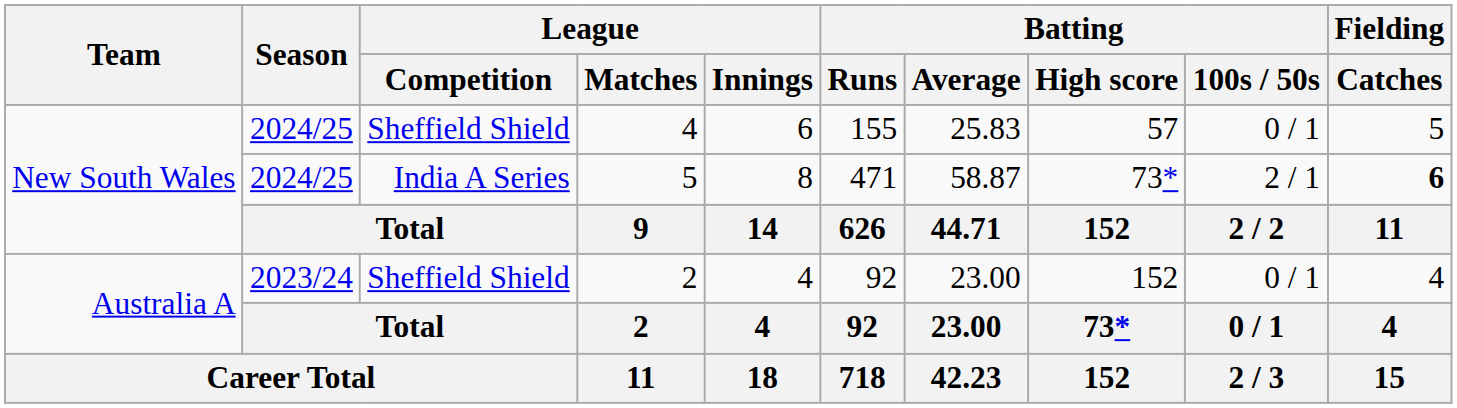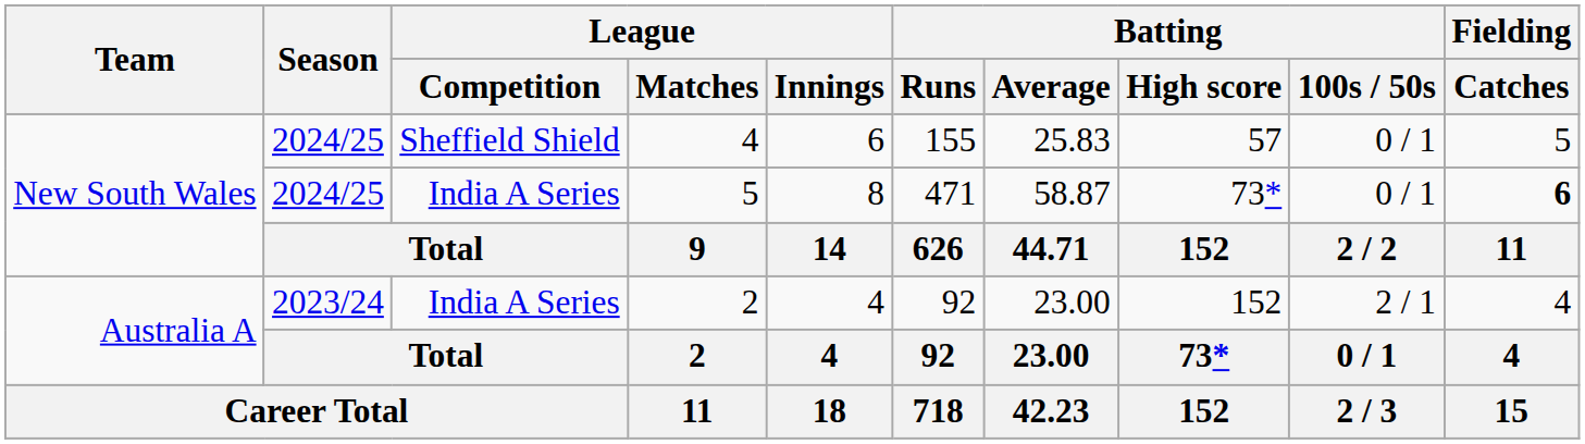 <table class="wikitable" style="text-align:right;">
 <tr>
 <th rowspan="2">Team</th>
 <th rowspan="2">Season</th>
 <th colspan="3">League</th>
 <th colspan="4">Batting</th>
 <th colspan="1">Fielding</th>
 </tr>
 <tr>
 <th>Competition</th>
 <th>Matches</th>
 <th>Innings</th>
 <th>Runs</th>
 <th>Average</th>
 <th>High score</th>
 <th>100s / 50s</th>
 <th>Catches</th>
 </tr>
 <tr>
 <td rowspan="3"><a href='#'>New South Wales</a></td>
 <td><a href='#'>2024/25</a></td>
 <td><a href='#'>Sheffield Shield</a></td>
 <td>4</td>
 <td>6</td>
 <td>155</td>
 <td>25.83</td>
 <td>57</td>
 <td>0 / 1</td>
 <td>5</td>
 </tr>
 <tr>
 <td><a href='#'>2024/25</a></td>
 <td><a href='#'>India A Series</a></td>
 <td>5</td>
 <td>8</td>
 <td>471</td>
 <td>58.87</td>
 <td>73<a href='#'>*</a></td>
-<td>2 / 1</td>
+<td>0 / 1</td>
 <td><strong>6</strong></td>
 </tr>
 <tr>
 <th colspan="2">Total</th>
 <th>9</th>
 <th>14</th>
 <th>626</th>
 <th>44.71</th>
 <th>152</th>
 <th>2 / 2</th>
 <th>11</th>
 </tr>
 <tr>
 <td rowspan="2"><a href='#'>Australia A</a></td>
 <td><a href='#'>2023/24</a></td>
-<td><a href='#'>Sheffield Shield</a></td>
+<td><a href='#'>India A Series</a></td>
 <td>2</td>
 <td>4</td>
 <td>92</td>
 <td>23.00</td>
 <td>152</td>
-<td>0 / 1</td>
+<td>2 / 1</td>
 <td>4</td>
 </tr>
 <tr>
 <th colspan="2">Total</th>
 <th>2</th>
 <th>4</th>
 <th>92</th>
 <th>23.00</th>
 <th>73<a href='#'>*</a></th>
 <th>0 / 1</th>
 <th>4</th>
 </tr>
 <tr>
 <th colspan="3">Career Total</th>
 <th>11</th>
 <th>18</th>
 <th>718</th>
 <th>42.23</th>
 <th>152</th>
 <th>2 / 3</th>
 <th>15</th>
 </tr>
 </table>
